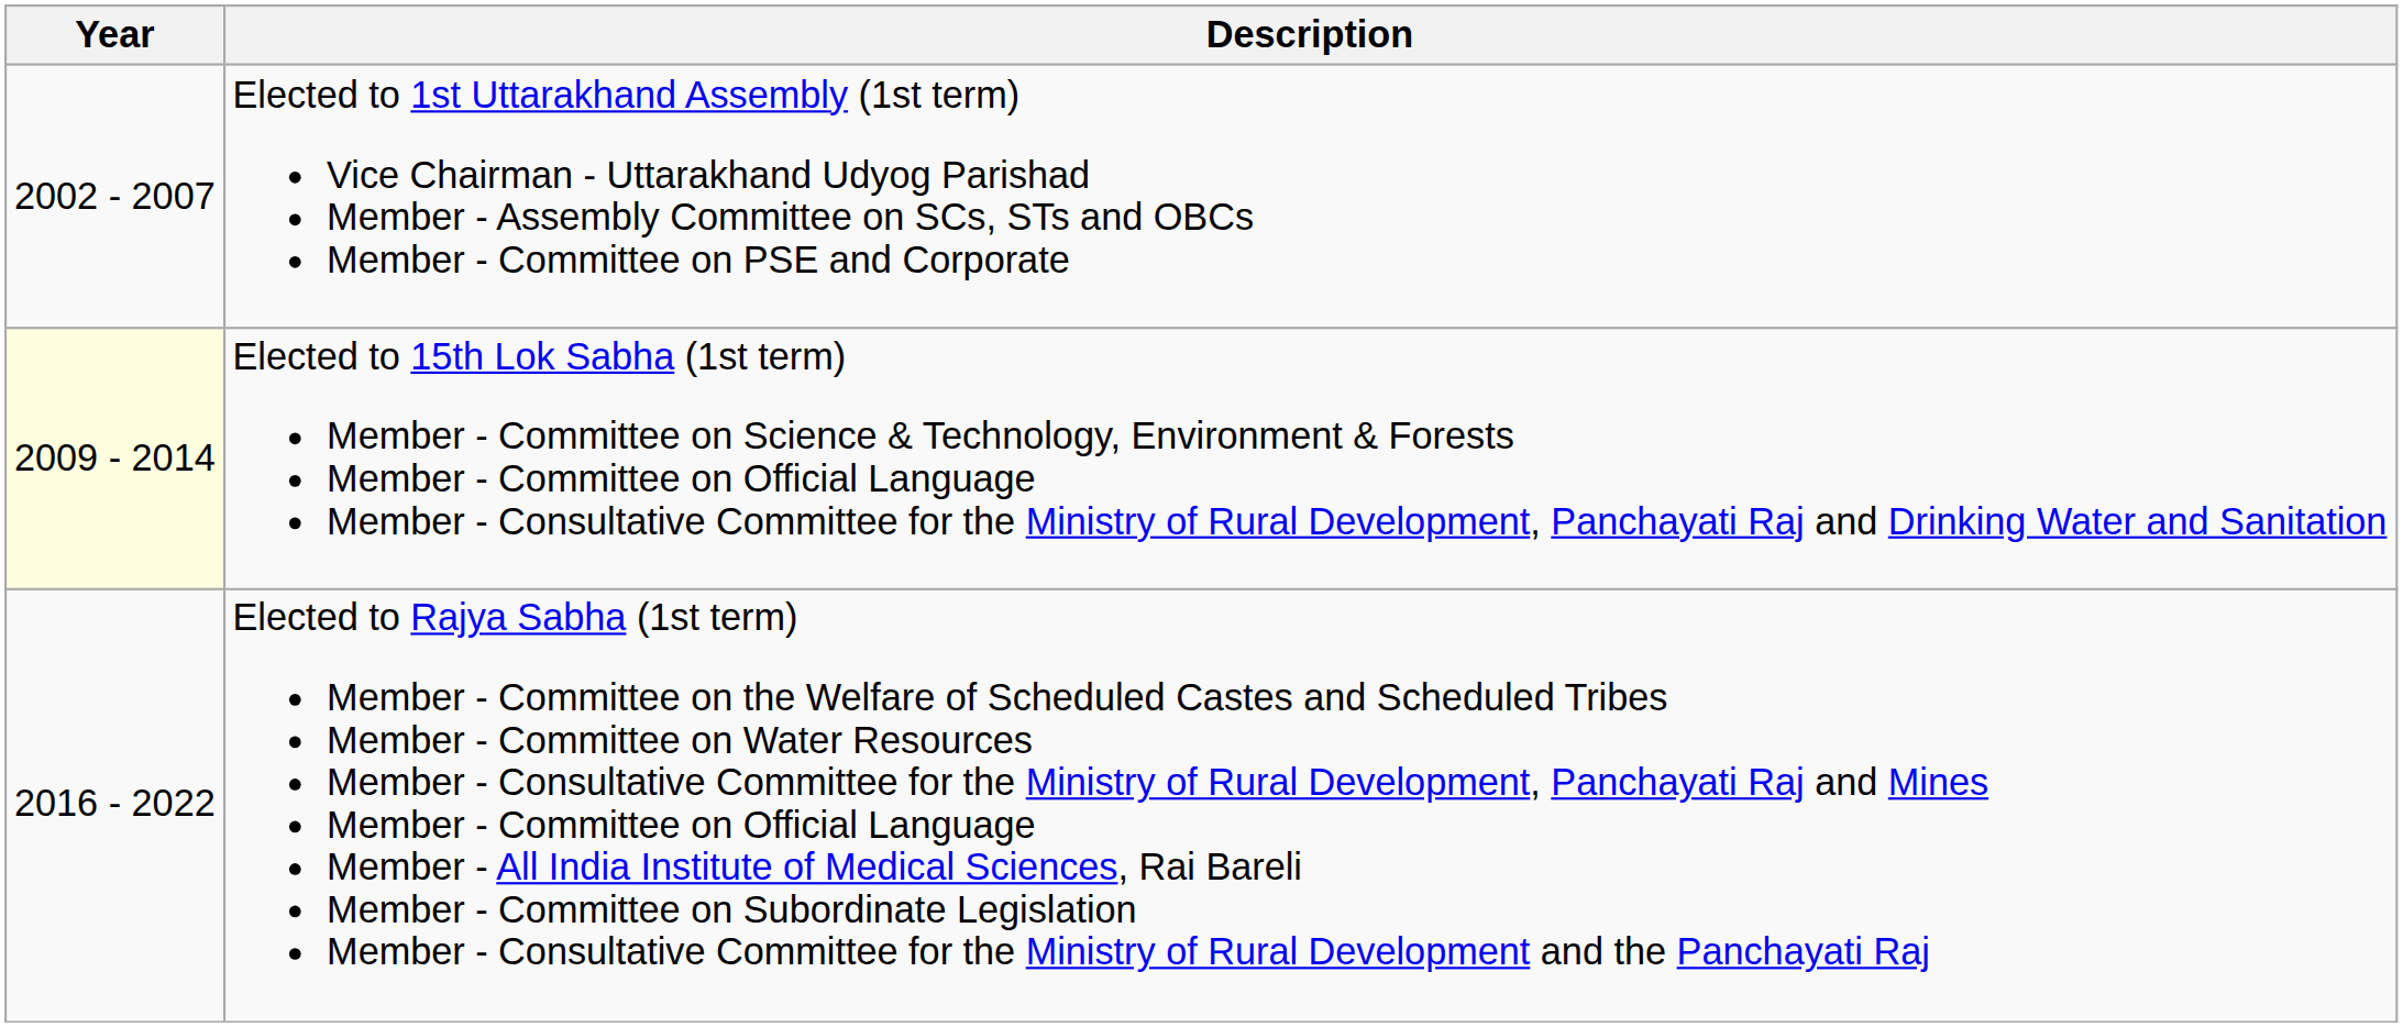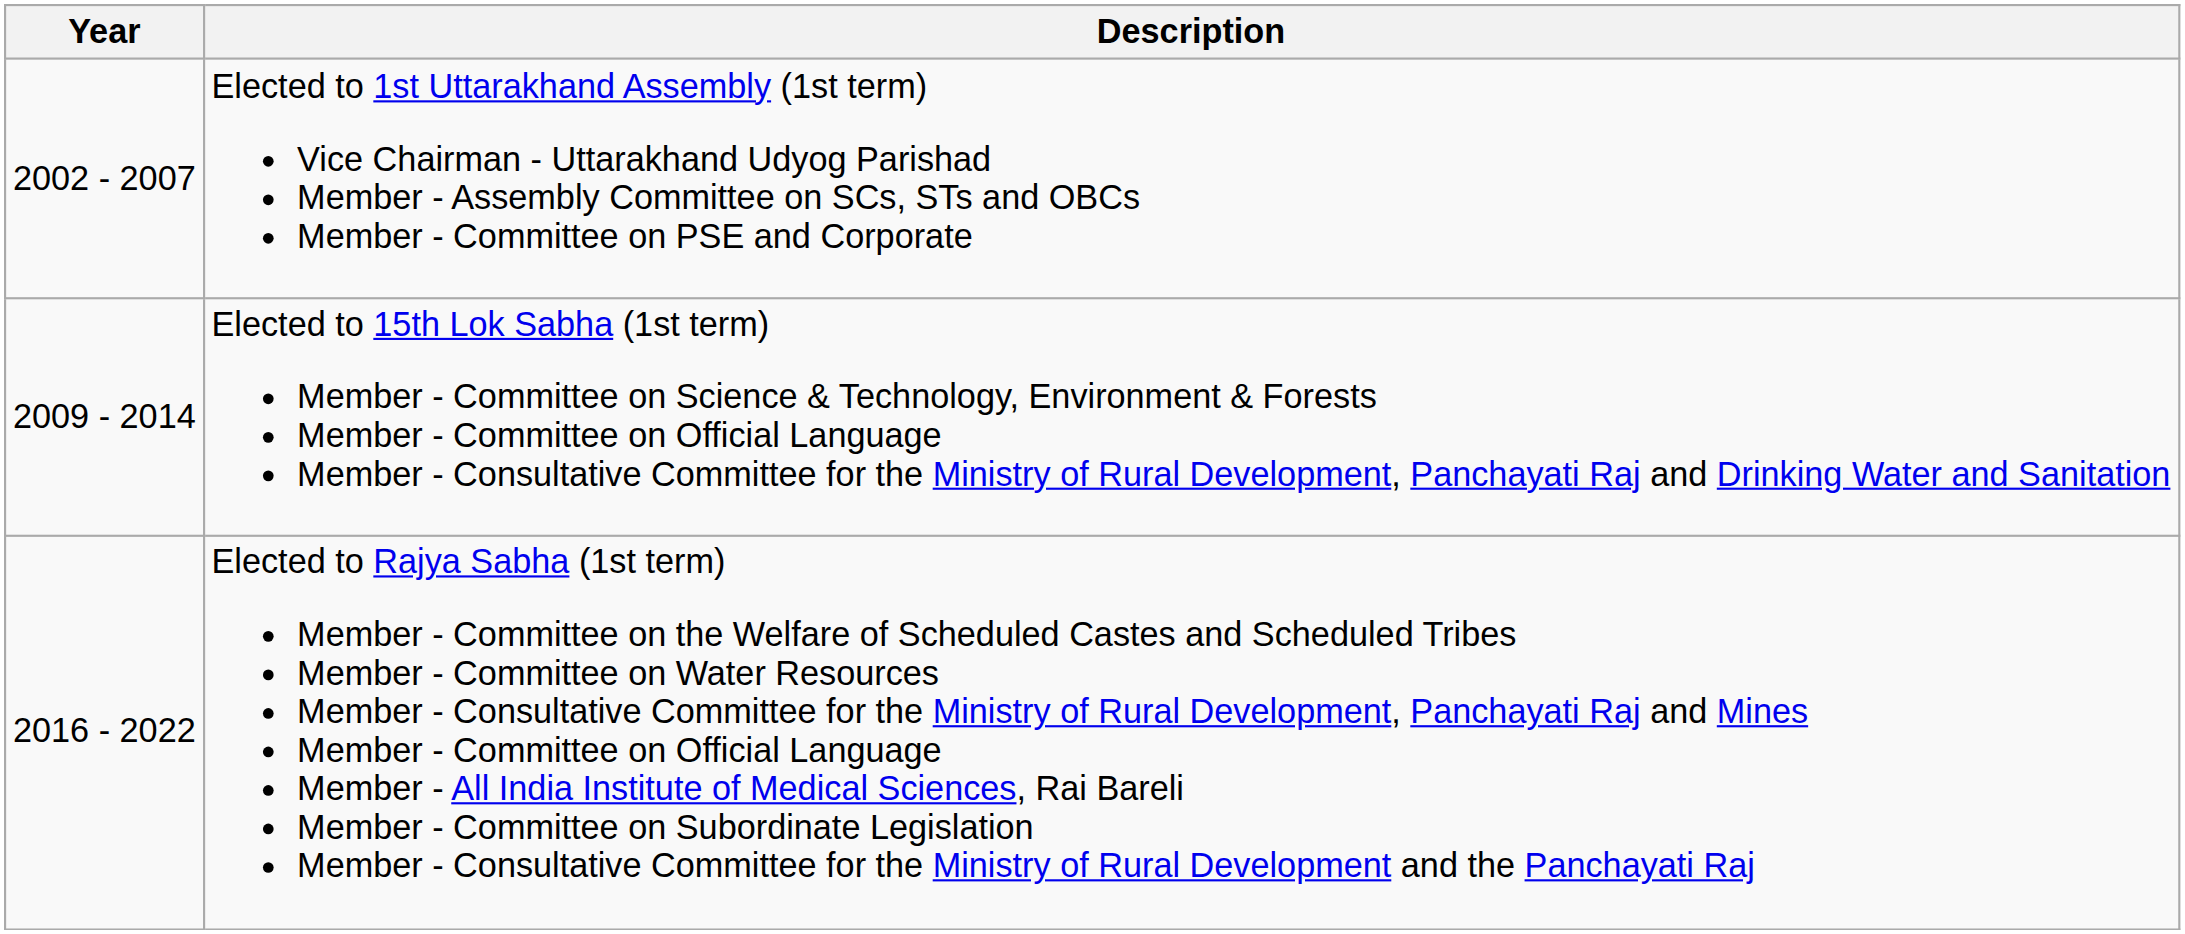 <table class="wikitable">
 <tr>
 <th>Year</th>
 <th>Description</th>
 </tr>
 <tr>
 <td>2002 - 2007</td>
 <td>Elected to <a href='#'>1st Uttarakhand Assembly</a> (1st term)<br><ul><li>Vice Chairman - Uttarakhand Udyog Parishad </li><li>Member - Assembly Committee on SCs, STs and OBCs </li><li>Member - Committee on PSE and Corporate </li></ul></td>
 </tr>
 <tr>
-<td style="background: lightyellow;">2009 - 2014</td>
+<td>2009 - 2014</td>
 <td>Elected to <a href='#'>15th Lok Sabha</a> (1st term)<br><ul><li>Member - Committee on Science & Technology, Environment & Forests </li><li>Member - Committee on Official Language </li><li>Member - Consultative Committee for the <a href='#'>Ministry of Rural Development</a>, <a href='#'>Panchayati Raj</a> and <a href='#'>Drinking Water and Sanitation</a> </li></ul></td>
 </tr>
 <tr>
 <td>2016 - 2022</td>
 <td>Elected to <a href='#'>Rajya Sabha</a> (1st term)<br><ul><li>Member - Committee on the Welfare of Scheduled Castes and Scheduled Tribes </li><li>Member - Committee on Water Resources </li><li>Member - Consultative Committee for the <a href='#'>Ministry of Rural Development</a>, <a href='#'>Panchayati Raj</a> and <a href='#'>Mines</a> </li><li>Member - Committee on Official Language </li><li>Member - <a href='#'>All India Institute of Medical Sciences</a>, Rai Bareli </li><li>Member - Committee on Subordinate Legislation </li><li>Member - Consultative Committee for the <a href='#'>Ministry of Rural Development</a> and the <a href='#'>Panchayati Raj</a></li></ul></td>
 </tr>
 </table>
